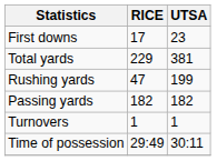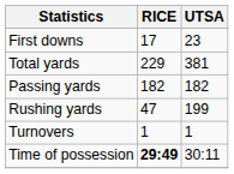 <table class="wikitable" style="float: left;">
 <tr>
 <th>Statistics</th>
 <th>RICE</th>
 <th>UTSA</th>
 </tr>
 <tr>
 <td>First downs</td>
 <td>17</td>
 <td>23</td>
 </tr>
 <tr>
 <td>Total yards</td>
 <td>229</td>
 <td>381</td>
 </tr>
 <tr>
+<td>Passing yards</td>
+<td>182</td>
+<td>182</td>
+</tr>
+<tr>
 <td>Rushing yards</td>
 <td>47</td>
 <td>199</td>
-</tr>
-<tr>
-<td>Passing yards</td>
-<td>182</td>
-<td>182</td>
 </tr>
 <tr>
 <td>Turnovers</td>
 <td>1</td>
 <td>1</td>
 </tr>
 <tr>
 <td>Time of possession</td>
-<td>29:49</td>
+<td><strong>29:49</strong></td>
 <td>30:11</td>
 </tr>
 <tr>
 </tr>
 </table>
